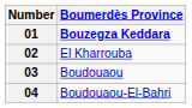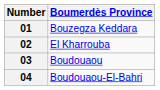 <table class="wikitable">
 <tr>
 <th>Number</th>
 <th><a href='#'>Boumerdès Province</a></th>
 </tr>
 <tr>
 <th>01</th>
-<td><strong><a href='#'>Bouzegza Keddara</a></strong></td>
+<td><a href='#'>Bouzegza Keddara</a></td>
 </tr>
 <tr>
 <th>02</th>
 <td><a href='#'>El Kharrouba</a></td>
 </tr>
 <tr>
 <th>03</th>
 <td><a href='#'>Boudouaou</a></td>
 </tr>
 <tr>
 <th>04</th>
 <td><a href='#'>Boudouaou-El-Bahri</a></td>
 </tr>
 </table>
